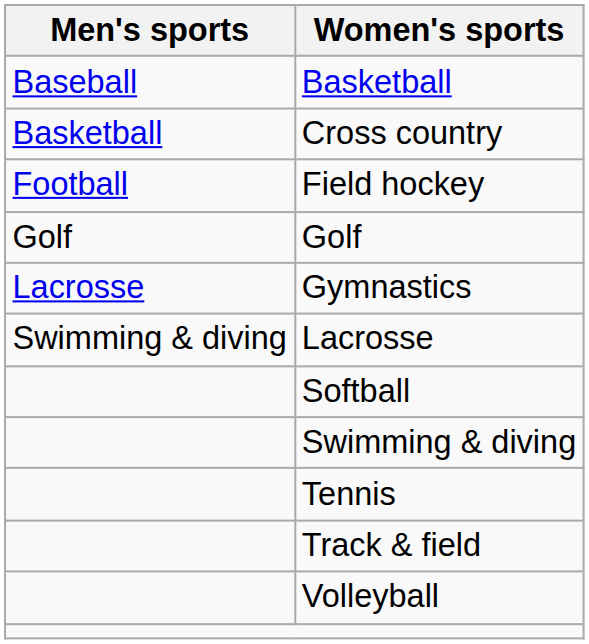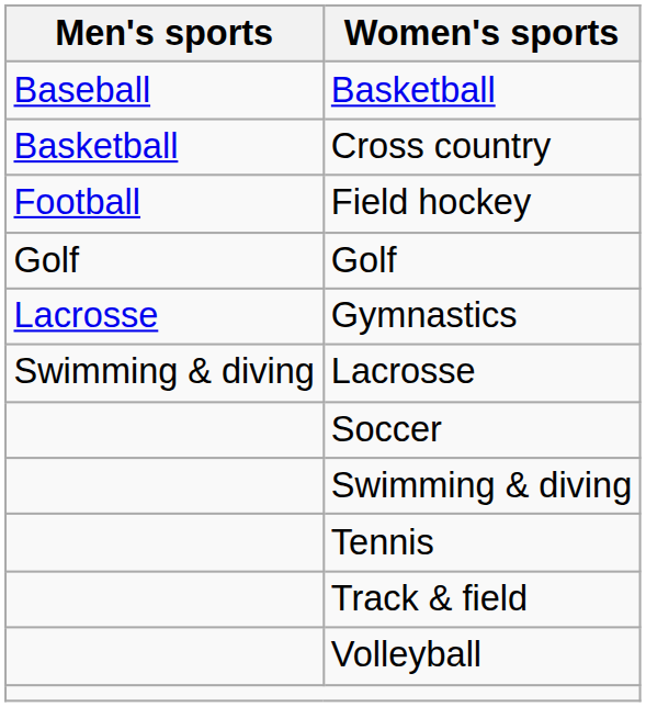 <table class="wikitable" style=" ;">
 <tr>
 <th width=px>Men's sports</th>
 <th width=px>Women's sports</th>
 </tr>
 <tr>
 <td><a href='#'>Baseball</a></td>
 <td><a href='#'>Basketball</a></td>
 </tr>
 <tr>
 <td><a href='#'>Basketball</a></td>
 <td>Cross country</td>
 </tr>
 <tr>
 <td><a href='#'>Football</a></td>
 <td>Field hockey</td>
 </tr>
 <tr>
 <td>Golf</td>
 <td>Golf</td>
 </tr>
 <tr>
 <td><a href='#'>Lacrosse</a></td>
 <td>Gymnastics</td>
 </tr>
 <tr>
 <td>Swimming & diving</td>
 <td>Lacrosse</td>
 </tr>
 <tr>
 <td></td>
-<td>Softball</td>
+<td>Soccer</td>
 </tr>
 <tr>
 <td></td>
 <td>Swimming & diving</td>
 </tr>
 <tr>
 <td></td>
 <td>Tennis</td>
 </tr>
 <tr>
 <td></td>
 <td>Track & field</td>
 </tr>
 <tr>
 <td></td>
 <td>Volleyball</td>
 </tr>
 <tr>
 <td colspan="2"></td>
 </tr>
 </table>
